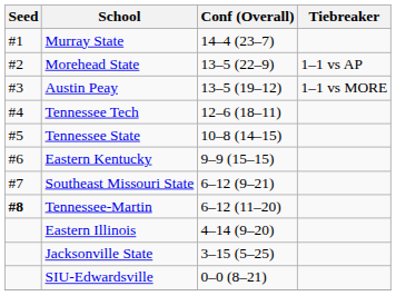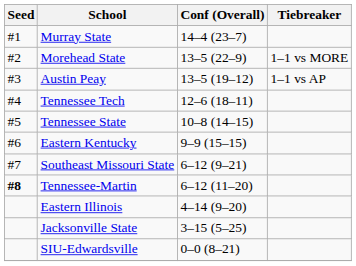 <table class="wikitable">
 <tr>
 <th>Seed</th>
 <th>School</th>
 <th>Conf (Overall)</th>
 <th>Tiebreaker</th>
 </tr>
 <tr>
 <td>#1</td>
 <td><a href='#'>Murray State</a></td>
 <td>14–4 (23–7)</td>
 <td></td>
 </tr>
 <tr>
 <td>#2</td>
 <td><a href='#'>Morehead State</a></td>
 <td>13–5 (22–9)</td>
-<td>1–1 vs AP</td>
+<td>1–1 vs MORE</td>
 </tr>
 <tr>
 <td>#3</td>
 <td><a href='#'>Austin Peay</a></td>
 <td>13–5 (19–12)</td>
-<td>1–1 vs MORE</td>
+<td>1–1 vs AP</td>
 </tr>
 <tr>
 <td>#4</td>
 <td><a href='#'>Tennessee Tech</a></td>
 <td>12–6 (18–11)</td>
 <td></td>
 </tr>
 <tr>
 <td>#5</td>
 <td><a href='#'>Tennessee State</a></td>
 <td>10–8 (14–15)</td>
 <td></td>
 </tr>
 <tr>
 <td>#6</td>
 <td><a href='#'>Eastern Kentucky</a></td>
 <td>9–9 (15–15)</td>
 <td></td>
 </tr>
 <tr>
 <td>#7</td>
 <td><a href='#'>Southeast Missouri State</a></td>
 <td>6–12 (9–21)</td>
 <td></td>
 </tr>
 <tr>
 <td><strong>#8</strong></td>
 <td><a href='#'>Tennessee-Martin</a></td>
 <td>6–12 (11–20)</td>
 <td></td>
 </tr>
 <tr>
 <td></td>
 <td><a href='#'>Eastern Illinois</a></td>
 <td>4–14 (9–20)</td>
 <td></td>
 </tr>
 <tr>
 <td></td>
 <td><a href='#'>Jacksonville State</a></td>
 <td>3–15 (5–25)</td>
 <td></td>
 </tr>
 <tr>
 <td></td>
 <td><a href='#'>SIU-Edwardsville</a></td>
 <td>0–0 (8–21)</td>
 <td></td>
 </tr>
 <tr>
 </tr>
 </table>
